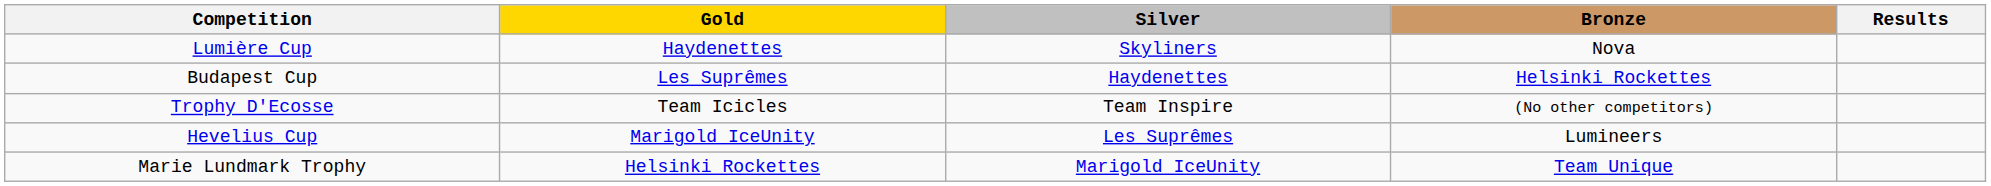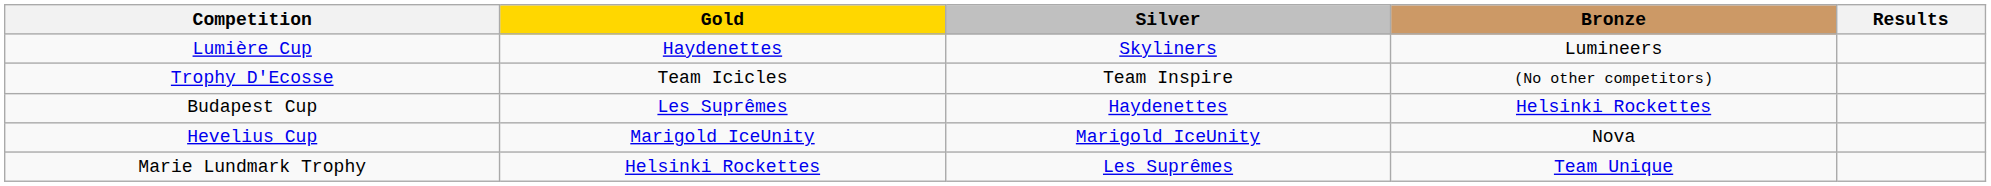 <table class="wikitable" style="text-align:center; width:90%;">
 <tr>
 <th scope="col" style="text-align:center; width:25%;">Competition</th>
 <td scope="col" style="text-align:center; width:22.5%; background:gold"><strong>Gold</strong></td>
 <td scope="col" style="text-align:center; width:22.5%; background:silver"><strong>Silver</strong></td>
 <td scope="col" style="text-align:center; width:22.5%; background:#c96"><strong>Bronze</strong></td>
 <th scope="col" style="text-align:center; width:7.5%;">Results</th>
 </tr>
 <tr>
 <td align="center"><a href='#'>Lumière Cup</a></td>
 <td><a href='#'>Haydenettes</a></td>
 <td><a href='#'>Skyliners</a></td>
-<td>Nova</td>
+<td>Lumineers</td>
+<td></td>
+</tr>
+<tr>
+<td><a href='#'>Trophy D'Ecosse</a></td>
+<td>Team Icicles</td>
+<td>Team Inspire</td>
+<td><small>(No other competitors)</small></td>
 <td></td>
 </tr>
 <tr>
 <td>Budapest Cup</td>
 <td><a href='#'>Les Suprêmes</a></td>
 <td><a href='#'>Haydenettes</a></td>
 <td><a href='#'>Helsinki Rockettes</a></td>
 <td></td>
 </tr>
 <tr>
-<td><a href='#'>Trophy D'Ecosse</a></td>
-<td>Team Icicles</td>
-<td>Team Inspire</td>
-<td><small>(No other competitors)</small></td>
-<td></td>
-</tr>
-<tr>
 <td><a href='#'>Hevelius Cup</a></td>
 <td><a href='#'>Marigold IceUnity</a></td>
-<td><a href='#'>Les Suprêmes</a></td>
-<td>Lumineers</td>
+<td><a href='#'>Marigold IceUnity</a></td>
+<td>Nova</td>
 <td></td>
 </tr>
 <tr>
 <td>Marie Lundmark Trophy</td>
 <td><a href='#'>Helsinki Rockettes</a></td>
-<td><a href='#'>Marigold IceUnity</a></td>
+<td><a href='#'>Les Suprêmes</a></td>
 <td><a href='#'>Team Unique</a></td>
 <td></td>
 </tr>
 </table>
